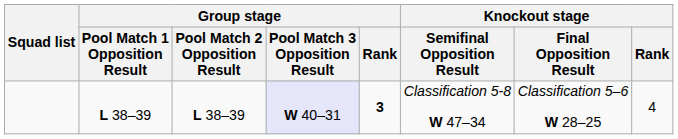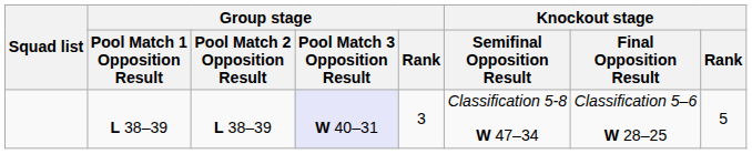 <table class=wikitable style="font-size:90%">
 <tr>
 <th rowspan="2">Squad list</th>
 <th colspan="4">Group stage</th>
 <th colspan="3">Knockout stage</th>
 </tr>
 <tr>
 <th>Pool Match 1<br>Opposition<br>Result</th>
 <th>Pool Match 2<br>Opposition<br>Result</th>
 <th>Pool Match 3<br>Opposition<br>Result</th>
 <th>Rank</th>
 <th>Semifinal<br>Opposition<br>Result</th>
 <th>Final<br>Opposition<br>Result</th>
 <th>Rank</th>
 </tr>
 <tr>
 <td align=left></td>
 <td align="center"><br><strong>L</strong> 38–39</td>
 <td align="center"><br><strong>L</strong> 38–39</td>
 <td align="center" style="background: lavender;"><br><strong>W</strong> 40–31</td>
-<td align="center"><strong>3</strong></td>
+<td align="center">3</td>
 <td align="center"><em>Classification 5-8</em><br><br><strong>W</strong> 47–34</td>
 <td align="center"><em>Classification 5–6</em><br><br><strong>W</strong> 28–25</td>
-<td align="center">4</td>
+<td align="center">5</td>
 </tr>
 </table>
